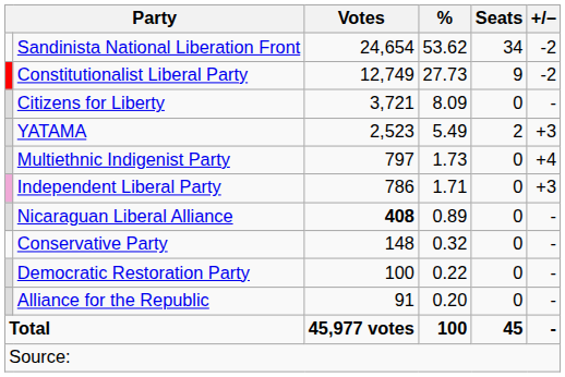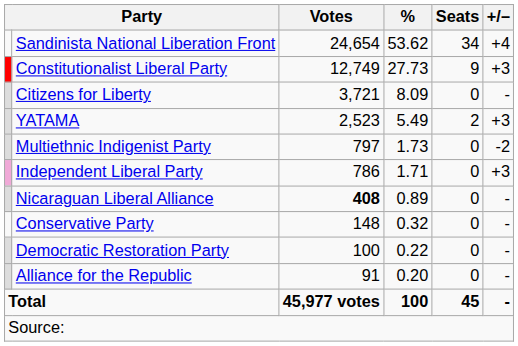 <table class=wikitable style=text-align:right>
 <tr>
 <th colspan=2>Party</th>
 <th>Votes</th>
 <th>%</th>
 <th>Seats</th>
 <th>+/–</th>
 </tr>
 <tr>
 <td></td>
 <td align=left><a href='#'>Sandinista National Liberation Front</a></td>
 <td>24,654</td>
 <td>53.62</td>
 <td>34</td>
-<td>-2</td>
+<td>+4</td>
 </tr>
 <tr>
 <td bgcolor=#FF0000></td>
 <td align=left><a href='#'>Constitutionalist Liberal Party</a></td>
 <td>12,749</td>
 <td>27.73</td>
 <td>9</td>
-<td>-2</td>
+<td>+3</td>
 </tr>
 <tr>
 <td bgcolor=#DDDDDD></td>
 <td align=left><a href='#'>Citizens for Liberty</a></td>
 <td>3,721</td>
 <td>8.09</td>
 <td>0</td>
 <td>-</td>
 </tr>
 <tr>
 <td bgcolor=#DDDDDD></td>
 <td align=left><a href='#'>YATAMA</a></td>
 <td>2,523</td>
 <td>5.49</td>
 <td>2</td>
 <td>+3</td>
 </tr>
 <tr>
 <td bgcolor=#DDDDDD></td>
 <td align=left><a href='#'>Multiethnic Indigenist Party</a></td>
 <td>797</td>
 <td>1.73</td>
 <td>0</td>
-<td>+4</td>
+<td>-2</td>
 </tr>
 <tr>
 <td bgcolor=#F0A9D7></td>
 <td align=left><a href='#'>Independent Liberal Party</a></td>
 <td>786</td>
 <td>1.71</td>
 <td>0</td>
 <td>+3</td>
 </tr>
 <tr>
 <td bgcolor=#DDDDDD></td>
 <td align=left><a href='#'>Nicaraguan Liberal Alliance</a></td>
 <td><strong>408</strong></td>
 <td>0.89</td>
 <td>0</td>
 <td>-</td>
 </tr>
 <tr>
 <td></td>
 <td align=left><a href='#'>Conservative Party</a></td>
 <td>148</td>
 <td>0.32</td>
 <td>0</td>
 <td>-</td>
 </tr>
 <tr>
 <td bgcolor=#DDDDDD></td>
 <td align=left><a href='#'>Democratic Restoration Party</a></td>
 <td>100</td>
 <td>0.22</td>
 <td>0</td>
 <td>-</td>
 </tr>
 <tr>
 <td bgcolor=#DDDDDD></td>
 <td align=left><a href='#'>Alliance for the Republic</a></td>
 <td>91</td>
 <td>0.20</td>
 <td>0</td>
 <td>-</td>
 </tr>
 <tr>
 <td align=left colspan=2><strong>Total</strong></td>
 <td><strong>45,977 votes</strong></td>
 <td><strong>100</strong></td>
 <td><strong>45</strong></td>
 <td><strong>-</strong></td>
 </tr>
 <tr>
 <td align=left colspan=6>Source:</td>
 </tr>
 </table>
